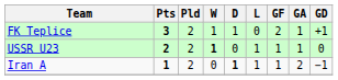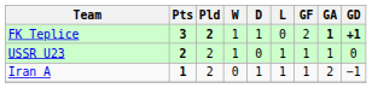 <table class="wikitable" style="text-align:center;">
 <tr>
 <th width=175>Team</th>
 <th width=20 abbr="Points">Pts</th>
 <th width=20 abbr="Played">Pld</th>
 <th width=20 abbr="Won">W</th>
 <th width=20 abbr="Drawn">D</th>
 <th width=20 abbr="Lost">L</th>
 <th width=20 abbr="Goals for">GF</th>
 <th width=20 abbr="Goals against">GA</th>
 <th width=20 abbr="Goal difference">GD</th>
 </tr>
 <tr bgcolor=#CCFFCC>
 <td style="text-align:left;"> <a href='#'>FK Teplice</a></td>
 <td><strong>3</strong></td>
-<td>2</td>
+<td><strong>2</strong></td>
 <td>1</td>
 <td>1</td>
 <td>0</td>
 <td>2</td>
-<td>1</td>
-<td>+1</td>
+<td><strong>1</strong></td>
+<td><strong>+1</strong></td>
 </tr>
 <tr bgcolor=#CCFFCC>
 <td style="text-align:left;"> <a href='#'>USSR U23</a></td>
 <td><strong>2</strong></td>
 <td>2</td>
-<td><strong>1</strong></td>
+<td>1</td>
 <td>0</td>
 <td>1</td>
 <td>1</td>
 <td>1</td>
 <td>0</td>
 </tr>
 <tr>
 <td style="text-align:left;"> <a href='#'>Iran A</a></td>
 <td><strong>1</strong></td>
 <td>2</td>
 <td>0</td>
-<td><strong>1</strong></td>
+<td>1</td>
 <td>1</td>
 <td>1</td>
 <td>2</td>
 <td>−1</td>
 </tr>
 <tr>
 </tr>
 </table>
